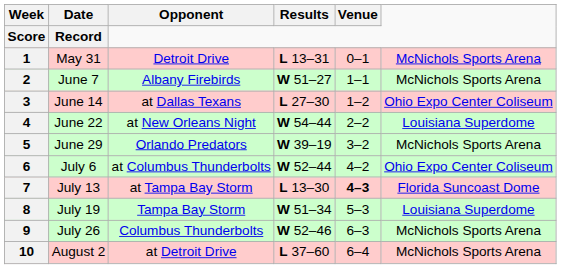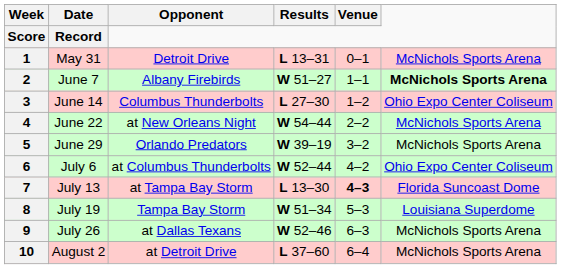 <table class="wikitable" style="text-align:center">
 <tr>
 <th>Week</th>
 <th>Date</th>
 <th>Opponent</th>
 <th>Results</th>
 <th>Venue</th>
 </tr>
 <tr>
 <th>Score</th>
 <th>Record</th>
 </tr>
 <tr style="background:#fcc">
 <th>1</th>
 <td>May 31</td>
 <td><a href='#'>Detroit Drive</a></td>
 <td><strong>L</strong> 13–31</td>
 <td>0–1</td>
 <td><a href='#'>McNichols Sports Arena</a></td>
 </tr>
 <tr style="background:#cfc">
 <th>2</th>
 <td>June 7</td>
 <td><a href='#'>Albany Firebirds</a></td>
 <td><strong>W</strong> 51–27</td>
 <td>1–1</td>
-<td>McNichols Sports Arena</td>
+<td><strong>McNichols Sports Arena</strong></td>
 </tr>
 <tr style="background:#fcc">
 <th>3</th>
 <td>June 14</td>
-<td>at <a href='#'>Dallas Texans</a></td>
+<td><a href='#'>Columbus Thunderbolts</a></td>
 <td><strong>L</strong> 27–30</td>
 <td>1–2</td>
 <td><a href='#'>Ohio Expo Center Coliseum</a></td>
 </tr>
 <tr style="background:#cfc">
 <th>4</th>
 <td>June 22</td>
 <td>at <a href='#'>New Orleans Night</a></td>
 <td><strong>W</strong> 54–44</td>
 <td>2–2</td>
-<td><a href='#'>Louisiana Superdome</a></td>
+<td><a href='#'>McNichols Sports Arena</a></td>
 </tr>
 <tr style="background:#cfc">
 <th>5</th>
 <td>June 29</td>
 <td><a href='#'>Orlando Predators</a></td>
 <td><strong>W</strong> 39–19</td>
 <td>3–2</td>
 <td>McNichols Sports Arena</td>
 </tr>
 <tr style="background:#cfc">
 <th>6</th>
 <td>July 6</td>
 <td>at <a href='#'>Columbus Thunderbolts</a></td>
 <td><strong>W</strong> 52–44</td>
 <td>4–2</td>
 <td><a href='#'>Ohio Expo Center Coliseum</a></td>
 </tr>
 <tr style="background:#fcc">
 <th>7</th>
 <td>July 13</td>
 <td>at <a href='#'>Tampa Bay Storm</a></td>
 <td><strong>L</strong> 13–30</td>
 <td><strong>4–3</strong></td>
 <td><a href='#'>Florida Suncoast Dome</a></td>
 </tr>
 <tr style="background:#cfc">
 <th>8</th>
 <td>July 19</td>
 <td><a href='#'>Tampa Bay Storm</a></td>
 <td><strong>W</strong> 51–34</td>
 <td>5–3</td>
 <td><a href='#'>Louisiana Superdome</a></td>
 </tr>
 <tr style="background:#cfc">
 <th>9</th>
 <td>July 26</td>
-<td><a href='#'>Columbus Thunderbolts</a></td>
+<td>at <a href='#'>Dallas Texans</a></td>
 <td><strong>W</strong> 52–46</td>
 <td>6–3</td>
 <td>McNichols Sports Arena</td>
 </tr>
 <tr style="background:#fcc">
 <th>10</th>
 <td>August 2</td>
 <td>at <a href='#'>Detroit Drive</a></td>
 <td><strong>L</strong> 37–60</td>
 <td>6–4</td>
 <td>McNichols Sports Arena</td>
 </tr>
 </table>
